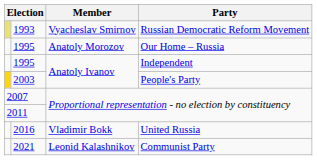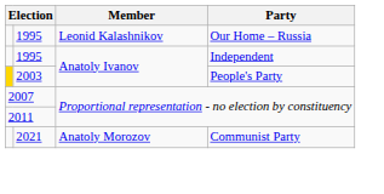 <table class="wikitable">
 <tr>
 <th colspan="2">Election</th>
 <th>Member</th>
 <th>Party</th>
 </tr>
 <tr>
-<td style="background-color:#E9E26E"></td>
-<td><a href='#'>1993</a></td>
-<td><a href='#'>Vyacheslav Smirnov</a></td>
-<td><a href='#'>Russian Democratic Reform Movement</a></td>
-</tr>
-<tr>
 <td style="background-color:"></td>
 <td><a href='#'>1995</a></td>
-<td><a href='#'>Anatoly Morozov</a></td>
+<td><a href='#'>Leonid Kalashnikov</a></td>
 <td><a href='#'>Our Home – Russia</a></td>
 </tr>
 <tr>
 <td style="background-color:"></td>
 <td><a href='#'>1995</a></td>
 <td rowspan=2><a href='#'>Anatoly Ivanov</a></td>
 <td><a href='#'>Independent</a></td>
 </tr>
 <tr>
 <td style="background-color:#FFD700"></td>
 <td><a href='#'>2003</a></td>
 <td><a href='#'>People's Party</a></td>
 </tr>
 <tr>
 <td colspan=2><a href='#'>2007</a></td>
 <td colspan=2 rowspan=2><em><a href='#'>Proportional representation</a> - no election by constituency</em></td>
 </tr>
 <tr>
 <td colspan=2><a href='#'>2011</a></td>
 </tr>
 <tr>
 <td style="background-color:"></td>
-<td><a href='#'>2016</a></td>
-<td><a href='#'>Vladimir Bokk</a></td>
-<td><a href='#'>United Russia</a></td>
-</tr>
-<tr>
-<td style="background-color:"></td>
 <td><a href='#'>2021</a></td>
-<td><a href='#'>Leonid Kalashnikov</a></td>
+<td><a href='#'>Anatoly Morozov</a></td>
 <td><a href='#'>Communist Party</a></td>
 </tr>
 </table>
